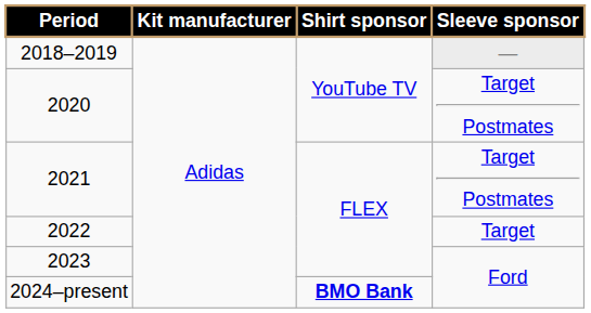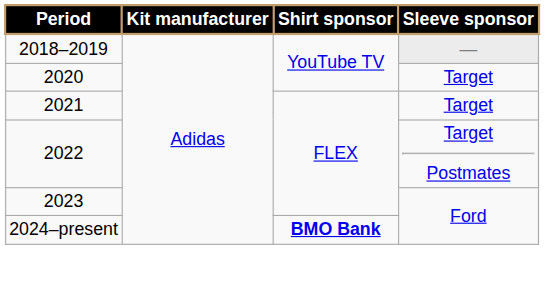 <table class="wikitable" style="text-align:center;margin-left:;">
 <tr>
 <th style="background:#000; color:#FFF; border:2px solid #C39E6D;" scope="col">Period</th>
 <th style="background:#000; color:#FFF; border:2px solid #C39E6D;" scope="col">Kit manufacturer</th>
 <th style="background:#000; color:#FFF; border:2px solid #C39E6D;" scope="col">Shirt sponsor</th>
 <th style="background:#000; color:#FFF; border:2px solid #C39E6D;" scope="col">Sleeve sponsor</th>
 </tr>
 <tr>
 <td>2018–2019</td>
 <td rowspan="6"><a href='#'>Adidas</a></td>
 <td rowspan="2"><a href='#'>YouTube TV</a></td>
 <td style="background:#ececec; color:gray">—</td>
 </tr>
 <tr>
 <td>2020</td>
-<td><a href='#'>Target</a> <hr><a href='#'>Postmates</a></td>
+<td><a href='#'>Target</a></td>
 </tr>
 <tr>
 <td>2021</td>
 <td rowspan="3"><a href='#'>FLEX</a></td>
-<td><a href='#'>Target</a> <hr><a href='#'>Postmates</a></td>
+<td><a href='#'>Target</a></td>
 </tr>
 <tr>
 <td>2022</td>
-<td><a href='#'>Target</a></td>
+<td><a href='#'>Target</a> <hr><a href='#'>Postmates</a></td>
 </tr>
 <tr>
 <td>2023</td>
 <td rowspan="2"><a href='#'>Ford</a></td>
 </tr>
 <tr>
 <td>2024–present</td>
 <td><strong><a href='#'>BMO Bank</a></strong></td>
 </tr>
 </table>
